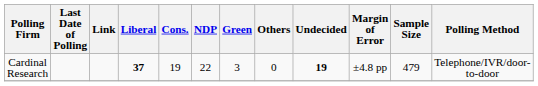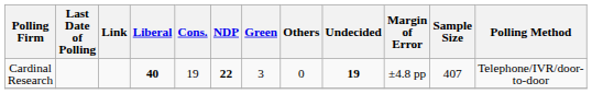 <table class="wikitable sortable" style="text-align:center;font-size:90%;line-height:14px;">
 <tr style="background:#e9e9e9;">
 <th style="width:120px">Polling Firm</th>
 <th style="width:110px">Last Date<br>of Polling</th>
 <th style="width:60px" class="unsortable">Link</th>
 <th style="background-color:"><a href='#'>Liberal</a></th>
 <th style="background-color:"><a href='#'>Cons.</a></th>
 <th style="background-color:"><a href='#'>NDP</a></th>
 <th style="background-color:"><a href='#'>Green</a></th>
 <th style="background-color:">Others</th>
 <th style="background-color:">Undecided</th>
 <th style="width:60px;" class=unsortable>Margin<br>of Error</th>
 <th style="width:50px;" class=unsortable>Sample<br>Size</th>
 <th class=unsortable>Polling Method</th>
 </tr>
 <tr>
 <td>Cardinal Research</td>
 <td></td>
 <td></td>
-<td><strong>37</strong></td>
+<td><strong>40</strong></td>
 <td>19</td>
-<td>22</td>
+<td><strong>22</strong></td>
 <td>3</td>
 <td>0</td>
 <td><strong>19</strong></td>
 <td>±4.8 pp</td>
-<td>479</td>
+<td>407</td>
 <td>Telephone/IVR/door-to-door</td>
 </tr>
 <tr>
 </tr>
 </table>
